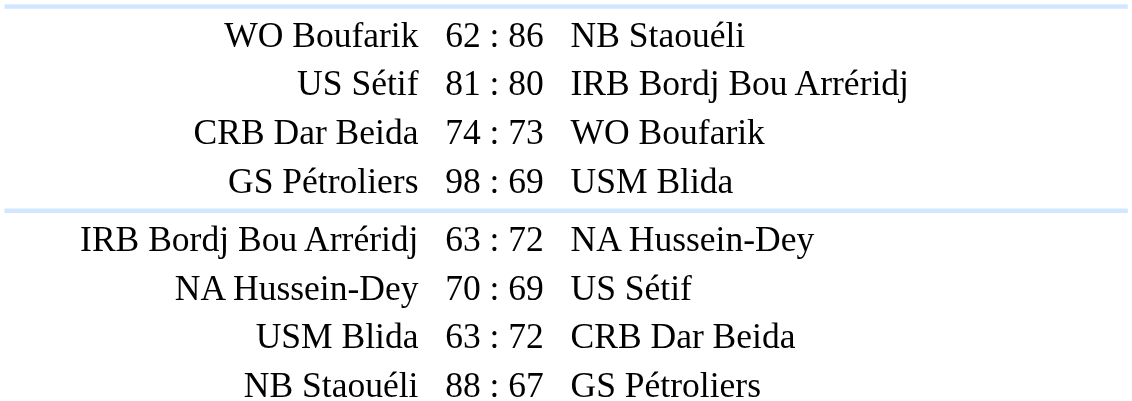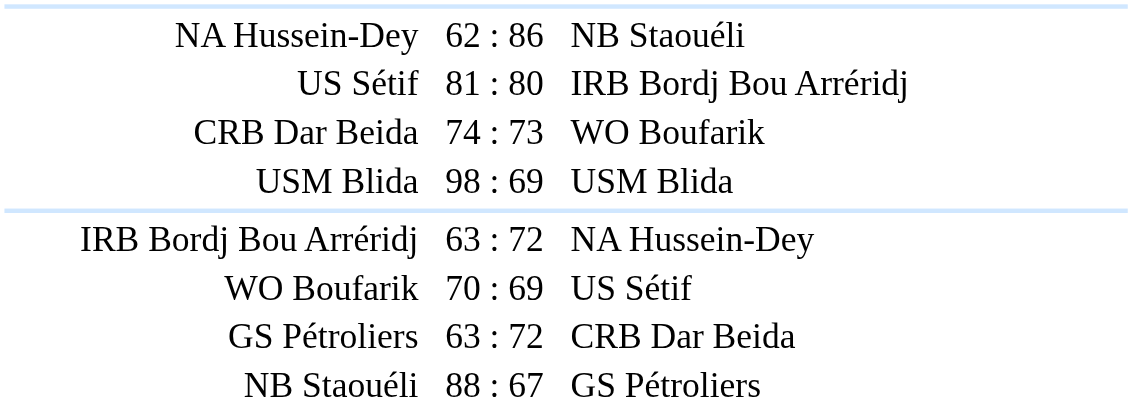 <table style="text-align:center" width=510>
 <tr>
 <th width=30%></th>
 <th width=10%></th>
 <th width=30%></th>
 <th width=10%></th>
 </tr>
 <tr align="left" bgcolor=#D0E7FF>
 <td colspan=4></td>
 </tr>
 <tr>
-<td align="right">WO Boufarik</td>
+<td align="right">NA Hussein-Dey</td>
 <td>62 : 86</td>
 <td align=left>NB Staouéli</td>
 </tr>
 <tr>
 <td align="right">US Sétif</td>
 <td>81 : 80</td>
 <td align=left>IRB Bordj Bou Arréridj</td>
 </tr>
 <tr>
 <td align="right">CRB Dar Beida</td>
 <td>74 : 73</td>
 <td align=left>WO Boufarik</td>
 </tr>
 <tr>
-<td align="right">GS Pétroliers</td>
+<td align="right">USM Blida</td>
 <td>98 : 69</td>
 <td align=left>USM Blida</td>
 </tr>
 <tr align="left" bgcolor=#D0E7FF>
 <td colspan=4></td>
 </tr>
 <tr>
 <td align="right">IRB Bordj Bou Arréridj</td>
 <td>63 : 72</td>
 <td align=left>NA Hussein-Dey</td>
 </tr>
 <tr>
-<td align="right">NA Hussein-Dey</td>
+<td align="right">WO Boufarik</td>
 <td>70 : 69</td>
 <td align=left>US Sétif</td>
 </tr>
 <tr>
-<td align="right">USM Blida</td>
+<td align="right">GS Pétroliers</td>
 <td>63 : 72</td>
 <td align=left>CRB Dar Beida</td>
 </tr>
 <tr>
 <td align="right">NB Staouéli</td>
 <td>88 : 67</td>
 <td align=left>GS Pétroliers</td>
 </tr>
 </table>
